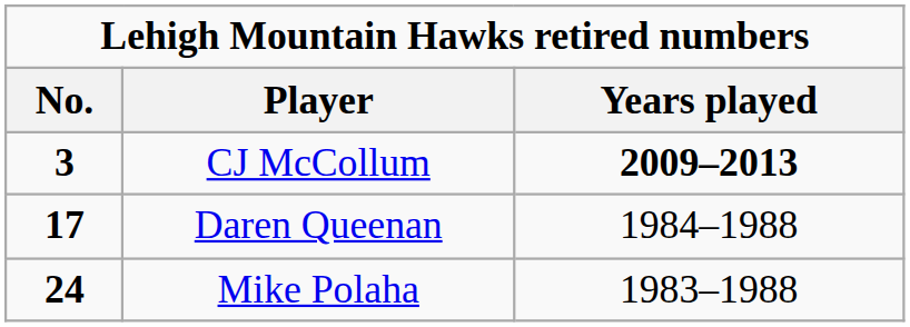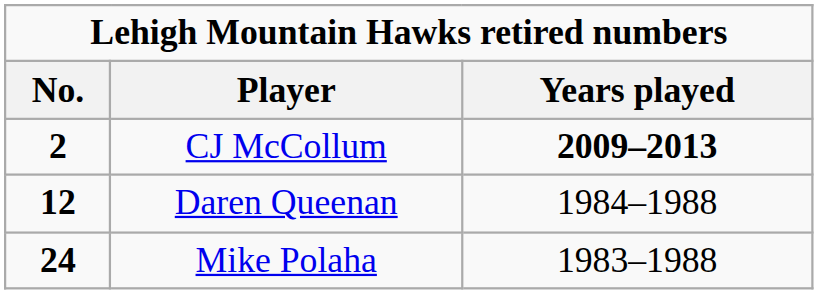 <table class="wikitable sortable" style="text-align:center">
 <tr>
 <td colspan="3"><strong>Lehigh Mountain Hawks retired numbers</strong></td>
 </tr>
 <tr>
 <th width=40px>No.</th>
 <th width=150px>Player</th>
 <th width=150px>Years played</th>
 </tr>
 <tr>
-<td><strong>3</strong></td>
+<td><strong>2</strong></td>
 <td><a href='#'>CJ McCollum</a></td>
 <td><strong>2009–2013</strong></td>
 </tr>
 <tr>
-<td><strong>17</strong></td>
+<td><strong>12</strong></td>
 <td><a href='#'>Daren Queenan</a></td>
 <td>1984–1988</td>
 </tr>
 <tr>
 <td><strong>24</strong></td>
 <td><a href='#'>Mike Polaha</a></td>
 <td>1983–1988</td>
 </tr>
 </table>
